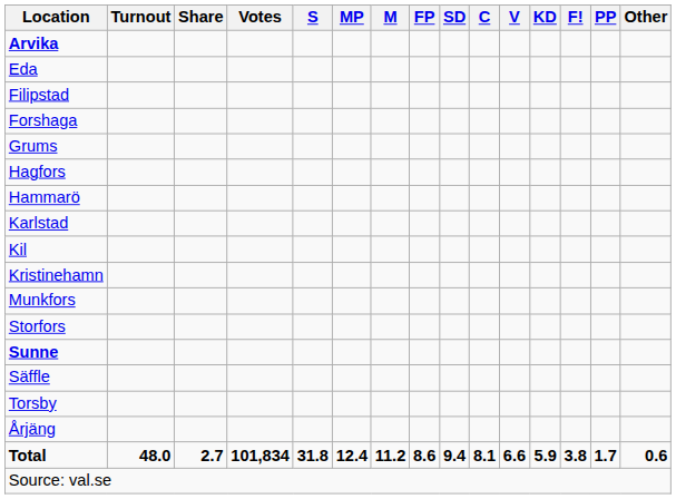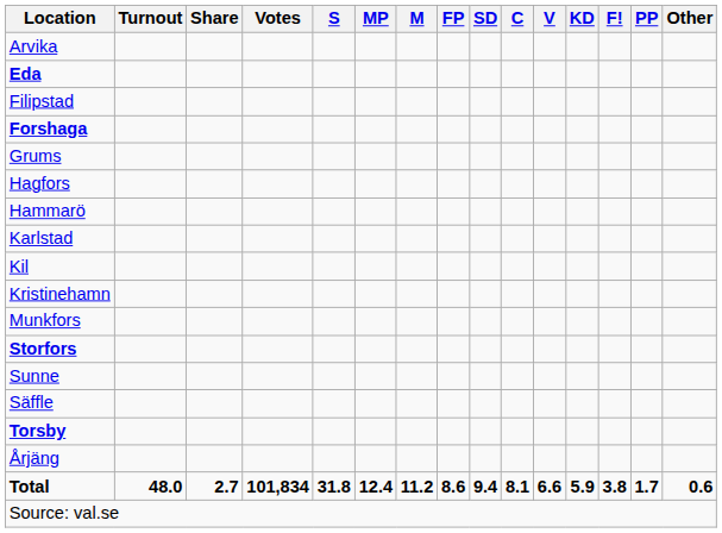 <table class="wikitable sortable" style=text-align:right>
 <tr>
 <th>Location</th>
 <th>Turnout</th>
 <th>Share</th>
 <th>Votes</th>
 <th><a href='#'>S</a></th>
 <th><a href='#'>MP</a></th>
 <th><a href='#'>M</a></th>
 <th><a href='#'>FP</a></th>
 <th><a href='#'>SD</a></th>
 <th><a href='#'>C</a></th>
 <th><a href='#'>V</a></th>
 <th><a href='#'>KD</a></th>
 <th><a href='#'>F!</a></th>
 <th><a href='#'>PP</a></th>
 <th>Other</th>
 </tr>
 <tr>
-<td align=left><strong><a href='#'>Arvika</a></strong></td>
+<td align=left><a href='#'>Arvika</a></td>
 <td></td>
 <td></td>
 <td></td>
 <td></td>
 <td></td>
 <td></td>
 <td></td>
 <td></td>
 <td></td>
 <td></td>
 <td></td>
 <td></td>
 <td></td>
 <td></td>
 </tr>
 <tr>
-<td align=left><a href='#'>Eda</a></td>
+<td align=left><strong><a href='#'>Eda</a></strong></td>
 <td></td>
 <td></td>
 <td></td>
 <td></td>
 <td></td>
 <td></td>
 <td></td>
 <td></td>
 <td></td>
 <td></td>
 <td></td>
 <td></td>
 <td></td>
 <td></td>
 </tr>
 <tr>
 <td align=left><a href='#'>Filipstad</a></td>
 <td></td>
 <td></td>
 <td></td>
 <td></td>
 <td></td>
 <td></td>
 <td></td>
 <td></td>
 <td></td>
 <td></td>
 <td></td>
 <td></td>
 <td></td>
 <td></td>
 </tr>
 <tr>
-<td align=left><a href='#'>Forshaga</a></td>
+<td align=left><strong><a href='#'>Forshaga</a></strong></td>
 <td></td>
 <td></td>
 <td></td>
 <td></td>
 <td></td>
 <td></td>
 <td></td>
 <td></td>
 <td></td>
 <td></td>
 <td></td>
 <td></td>
 <td></td>
 <td></td>
 </tr>
 <tr>
 <td align=left><a href='#'>Grums</a></td>
 <td></td>
 <td></td>
 <td></td>
 <td></td>
 <td></td>
 <td></td>
 <td></td>
 <td></td>
 <td></td>
 <td></td>
 <td></td>
 <td></td>
 <td></td>
 <td></td>
 </tr>
 <tr>
 <td align=left><a href='#'>Hagfors</a></td>
 <td></td>
 <td></td>
 <td></td>
 <td></td>
 <td></td>
 <td></td>
 <td></td>
 <td></td>
 <td></td>
 <td></td>
 <td></td>
 <td></td>
 <td></td>
 <td></td>
 </tr>
 <tr>
 <td align=left><a href='#'>Hammarö</a></td>
 <td></td>
 <td></td>
 <td></td>
 <td></td>
 <td></td>
 <td></td>
 <td></td>
 <td></td>
 <td></td>
 <td></td>
 <td></td>
 <td></td>
 <td></td>
 <td></td>
 </tr>
 <tr>
 <td align=left><a href='#'>Karlstad</a></td>
 <td></td>
 <td></td>
 <td></td>
 <td></td>
 <td></td>
 <td></td>
 <td></td>
 <td></td>
 <td></td>
 <td></td>
 <td></td>
 <td></td>
 <td></td>
 <td></td>
 </tr>
 <tr>
 <td align=left><a href='#'>Kil</a></td>
 <td></td>
 <td></td>
 <td></td>
 <td></td>
 <td></td>
 <td></td>
 <td></td>
 <td></td>
 <td></td>
 <td></td>
 <td></td>
 <td></td>
 <td></td>
 <td></td>
 </tr>
 <tr>
 <td align=left><a href='#'>Kristinehamn</a></td>
 <td></td>
 <td></td>
 <td></td>
 <td></td>
 <td></td>
 <td></td>
 <td></td>
 <td></td>
 <td></td>
 <td></td>
 <td></td>
 <td></td>
 <td></td>
 <td></td>
 </tr>
 <tr>
 <td align=left><a href='#'>Munkfors</a></td>
 <td></td>
 <td></td>
 <td></td>
 <td></td>
 <td></td>
 <td></td>
 <td></td>
 <td></td>
 <td></td>
 <td></td>
 <td></td>
 <td></td>
 <td></td>
 <td></td>
 </tr>
 <tr>
-<td align=left><a href='#'>Storfors</a></td>
+<td align=left><strong><a href='#'>Storfors</a></strong></td>
 <td></td>
 <td></td>
 <td></td>
 <td></td>
 <td></td>
 <td></td>
 <td></td>
 <td></td>
 <td></td>
 <td></td>
 <td></td>
 <td></td>
 <td></td>
 <td></td>
 </tr>
 <tr>
-<td align=left><strong><a href='#'>Sunne</a></strong></td>
+<td align=left><a href='#'>Sunne</a></td>
 <td></td>
 <td></td>
 <td></td>
 <td></td>
 <td></td>
 <td></td>
 <td></td>
 <td></td>
 <td></td>
 <td></td>
 <td></td>
 <td></td>
 <td></td>
 <td></td>
 </tr>
 <tr>
 <td align=left><a href='#'>Säffle</a></td>
 <td></td>
 <td></td>
 <td></td>
 <td></td>
 <td></td>
 <td></td>
 <td></td>
 <td></td>
 <td></td>
 <td></td>
 <td></td>
 <td></td>
 <td></td>
 <td></td>
 </tr>
 <tr>
-<td align=left><a href='#'>Torsby</a></td>
+<td align=left><strong><a href='#'>Torsby</a></strong></td>
 <td></td>
 <td></td>
 <td></td>
 <td></td>
 <td></td>
 <td></td>
 <td></td>
 <td></td>
 <td></td>
 <td></td>
 <td></td>
 <td></td>
 <td></td>
 <td></td>
 </tr>
 <tr>
 <td align=left><a href='#'>Årjäng</a></td>
 <td></td>
 <td></td>
 <td></td>
 <td></td>
 <td></td>
 <td></td>
 <td></td>
 <td></td>
 <td></td>
 <td></td>
 <td></td>
 <td></td>
 <td></td>
 <td></td>
 </tr>
 <tr>
 <td align=left><strong>Total</strong></td>
 <td><strong>48.0</strong></td>
 <td><strong>2.7</strong></td>
 <td><strong>101,834</strong></td>
 <td><strong>31.8</strong></td>
 <td><strong>12.4</strong></td>
 <td><strong>11.2</strong></td>
 <td><strong>8.6</strong></td>
 <td><strong>9.4</strong></td>
 <td><strong>8.1</strong></td>
 <td><strong>6.6</strong></td>
 <td><strong>5.9</strong></td>
 <td><strong>3.8</strong></td>
 <td><strong>1.7</strong></td>
 <td><strong>0.6</strong></td>
 </tr>
 <tr>
 <td align=left colspan=15>Source: val.se </td>
 </tr>
 </table>
